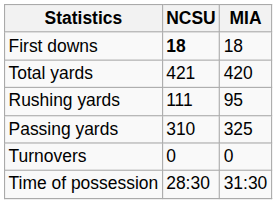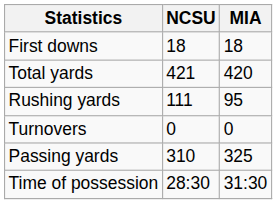 <table class="wikitable">
 <tr>
 <th>Statistics</th>
 <th>NCSU</th>
 <th>MIA</th>
 </tr>
 <tr>
 <td>First downs</td>
-<td><strong>18</strong></td>
+<td>18</td>
 <td>18</td>
 </tr>
 <tr>
 <td>Total yards</td>
 <td>421</td>
 <td>420</td>
 </tr>
 <tr>
 <td>Rushing yards</td>
 <td>111</td>
 <td>95</td>
 </tr>
 <tr>
+<td>Turnovers</td>
+<td>0</td>
+<td>0</td>
+</tr>
+<tr>
 <td>Passing yards</td>
 <td>310</td>
 <td>325</td>
-</tr>
-<tr>
-<td>Turnovers</td>
-<td>0</td>
-<td>0</td>
 </tr>
 <tr>
 <td>Time of possession</td>
 <td>28:30</td>
 <td>31:30</td>
 </tr>
 <tr>
 </tr>
 </table>
